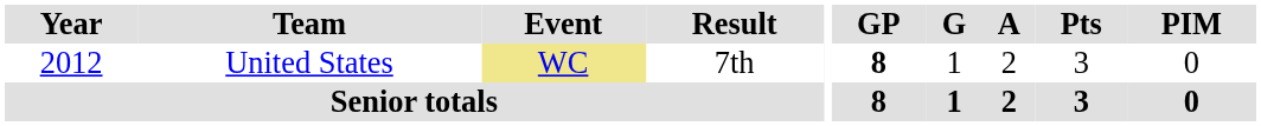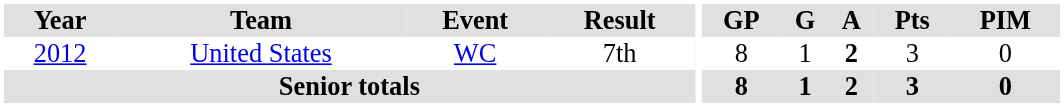 <table border="0" cellpadding="1" cellspacing="0" ID="Table3" style="text-align:center; width:40em">
 <tr ALIGN="center" bgcolor="#e0e0e0">
 <th>Year</th>
 <th>Team</th>
 <th>Event</th>
 <th>Result</th>
 <th rowspan="99" bgcolor="#ffffff"></th>
 <th>GP</th>
 <th>G</th>
 <th>A</th>
 <th>Pts</th>
 <th>PIM</th>
 </tr>
 <tr>
 <td><a href='#'>2012</a></td>
 <td><a href='#'>United States</a></td>
-<td style="background: khaki;"><a href='#'>WC</a></td>
+<td><a href='#'>WC</a></td>
 <td>7th</td>
-<td><strong>8</strong></td>
+<td>8</td>
 <td>1</td>
-<td>2</td>
+<td><strong>2</strong></td>
 <td>3</td>
 <td>0</td>
 </tr>
 <tr bgcolor="#e0e0e0">
 <th colspan="4">Senior totals</th>
 <th>8</th>
 <th>1</th>
 <th>2</th>
 <th>3</th>
 <th>0</th>
 </tr>
 </table>
